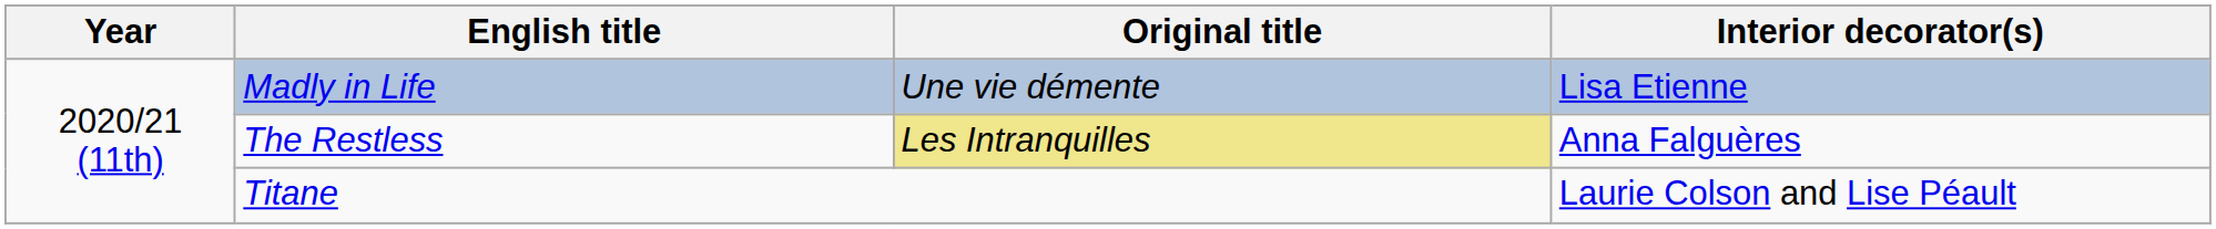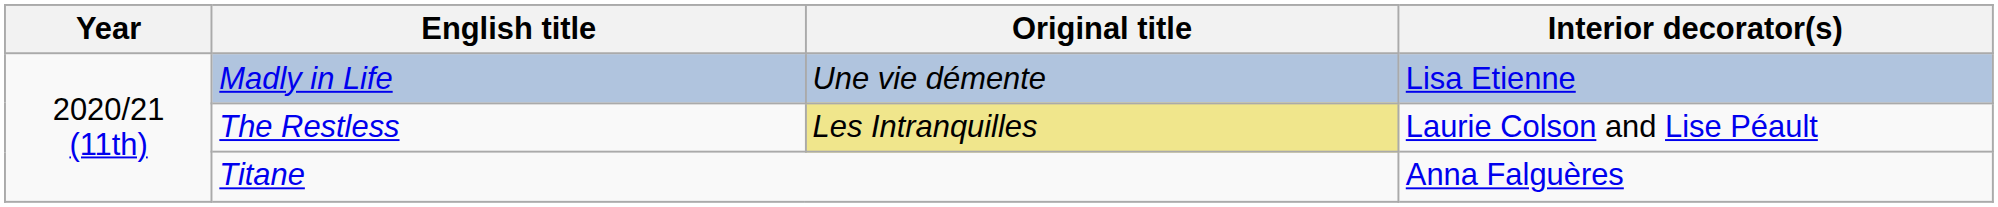 <table class="wikitable">
 <tr>
 <th width="100"><strong>Year</strong></th>
 <th width="300"><strong>English title</strong></th>
 <th width="300"><strong>Original title</strong></th>
 <th width="300"><strong>Interior decorator(s)</strong></th>
 </tr>
 <tr>
 <td rowspan="3" style="text-align:center;">2020/21<br><a href='#'>(11th)</a></td>
 <td style="background:#B0C4DE;"><em><a href='#'>Madly in Life</a></em></td>
 <td style="background:#B0C4DE;"><em>Une vie démente</em></td>
 <td style="background:#B0C4DE;"><a href='#'>Lisa Etienne</a></td>
 </tr>
 <tr>
 <td><em><a href='#'>The Restless</a></em></td>
 <td style="background: khaki;"><em>Les Intranquilles</em></td>
-<td><a href='#'>Anna Falguères</a></td>
+<td><a href='#'>Laurie Colson</a> and <a href='#'>Lise Péault</a></td>
 </tr>
 <tr>
 <td colspan="2"><em><a href='#'>Titane</a></em></td>
-<td><a href='#'>Laurie Colson</a> and <a href='#'>Lise Péault</a></td>
+<td><a href='#'>Anna Falguères</a></td>
 </tr>
 </table>
